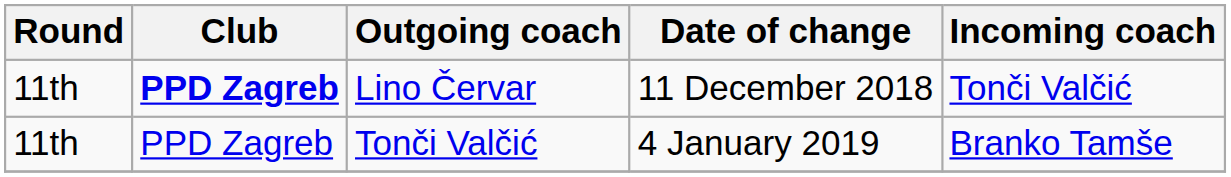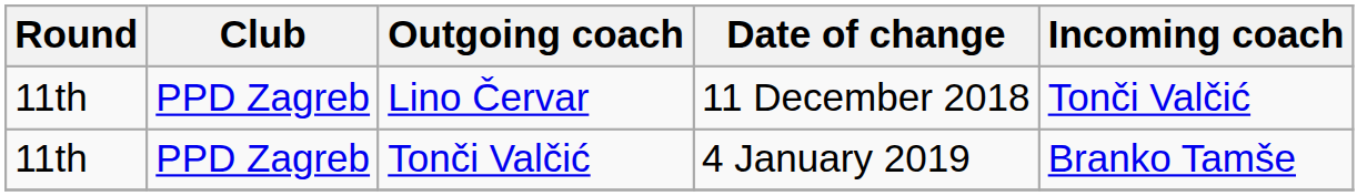 <table class="wikitable">
 <tr>
 <th>Round</th>
 <th>Club</th>
 <th>Outgoing coach</th>
 <th>Date of change</th>
 <th>Incoming coach</th>
 </tr>
 <tr>
 <td>11th</td>
-<td><strong><a href='#'>PPD Zagreb</a></strong></td>
+<td><a href='#'>PPD Zagreb</a></td>
 <td> <a href='#'>Lino Červar</a></td>
 <td>11 December 2018</td>
 <td> <a href='#'>Tonči Valčić</a></td>
 </tr>
 <tr>
 <td>11th</td>
 <td><a href='#'>PPD Zagreb</a></td>
 <td> <a href='#'>Tonči Valčić</a></td>
 <td>4 January 2019</td>
 <td> <a href='#'>Branko Tamše</a></td>
 </tr>
 <tr>
 </tr>
 </table>
